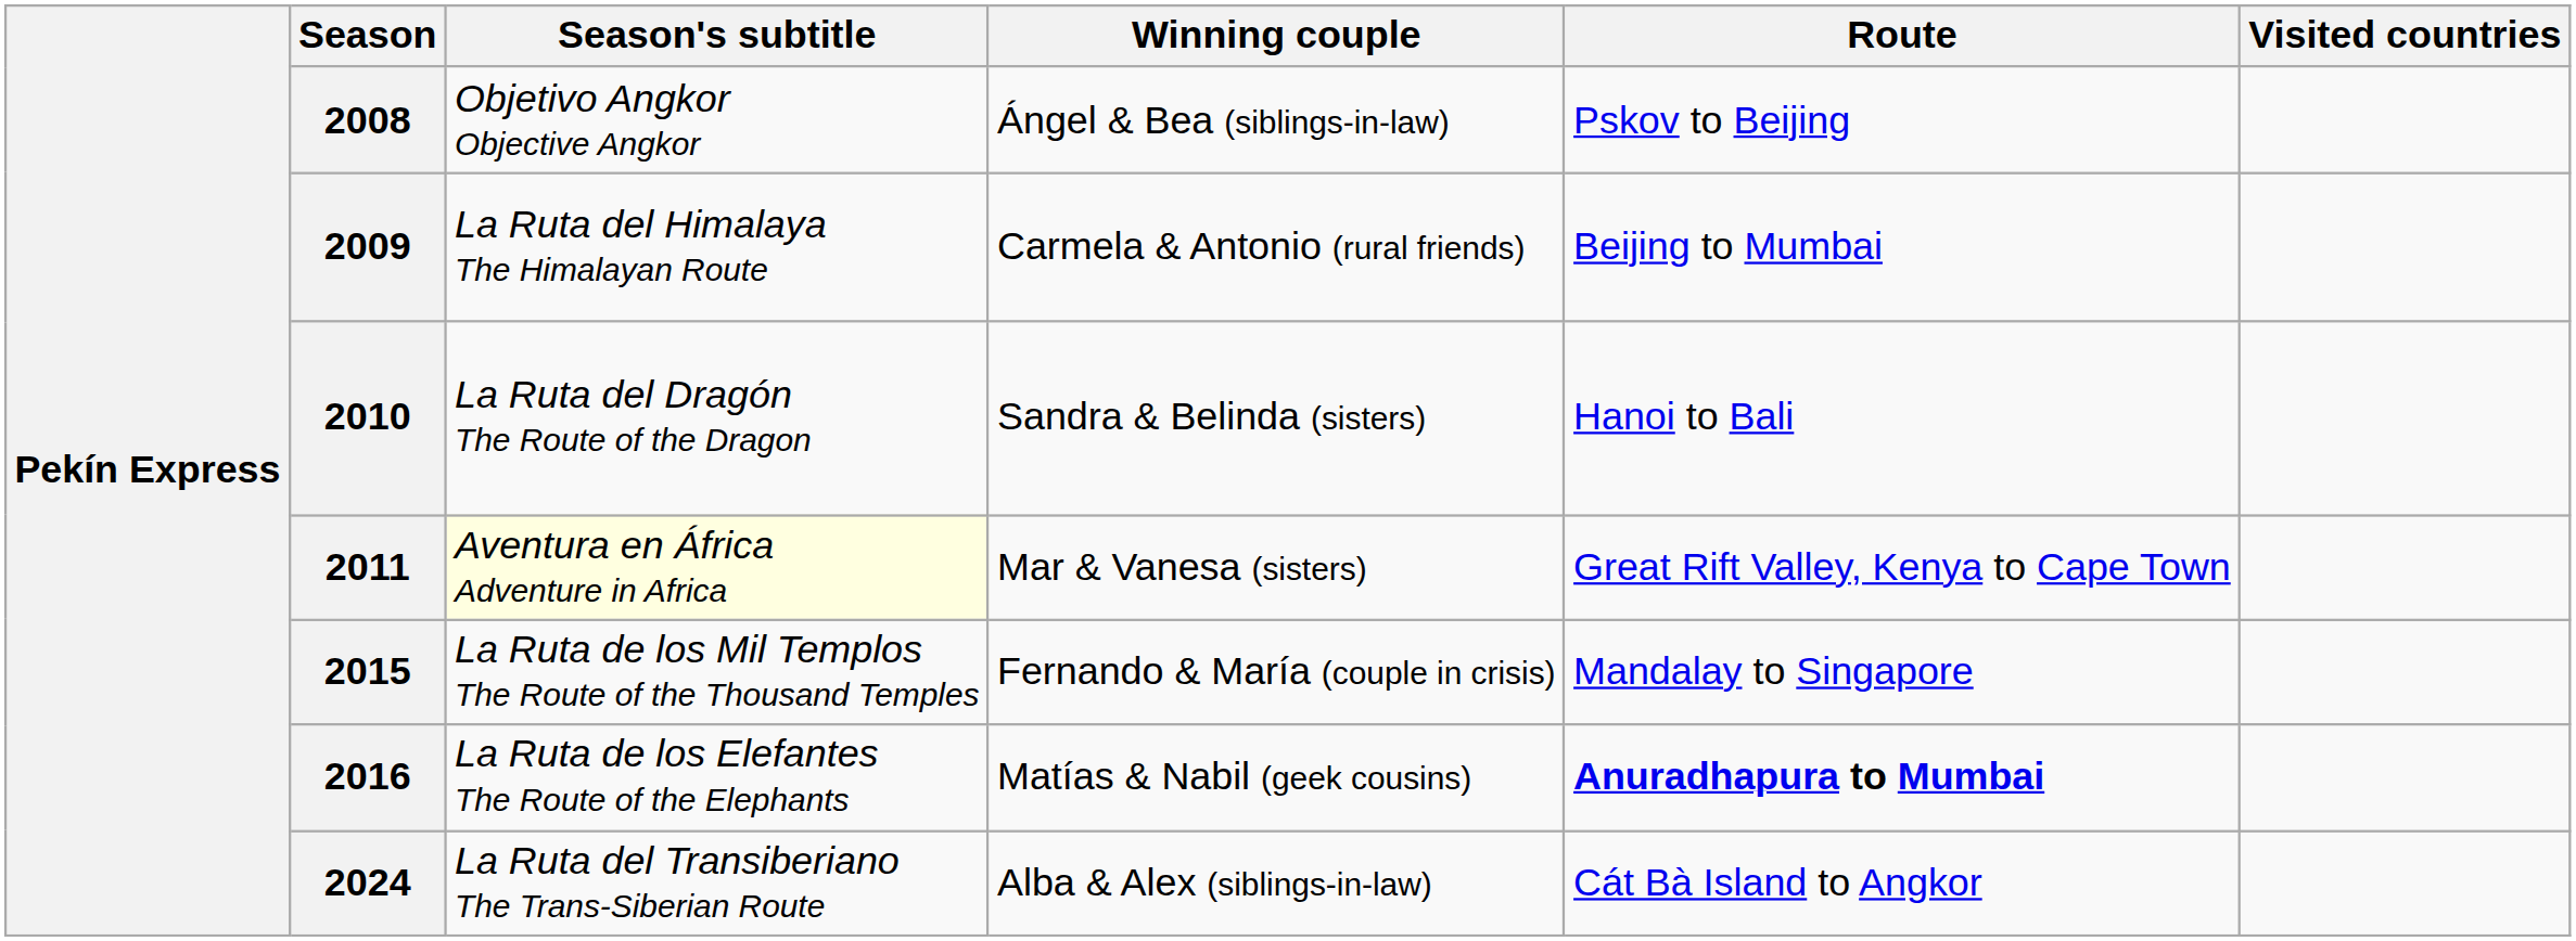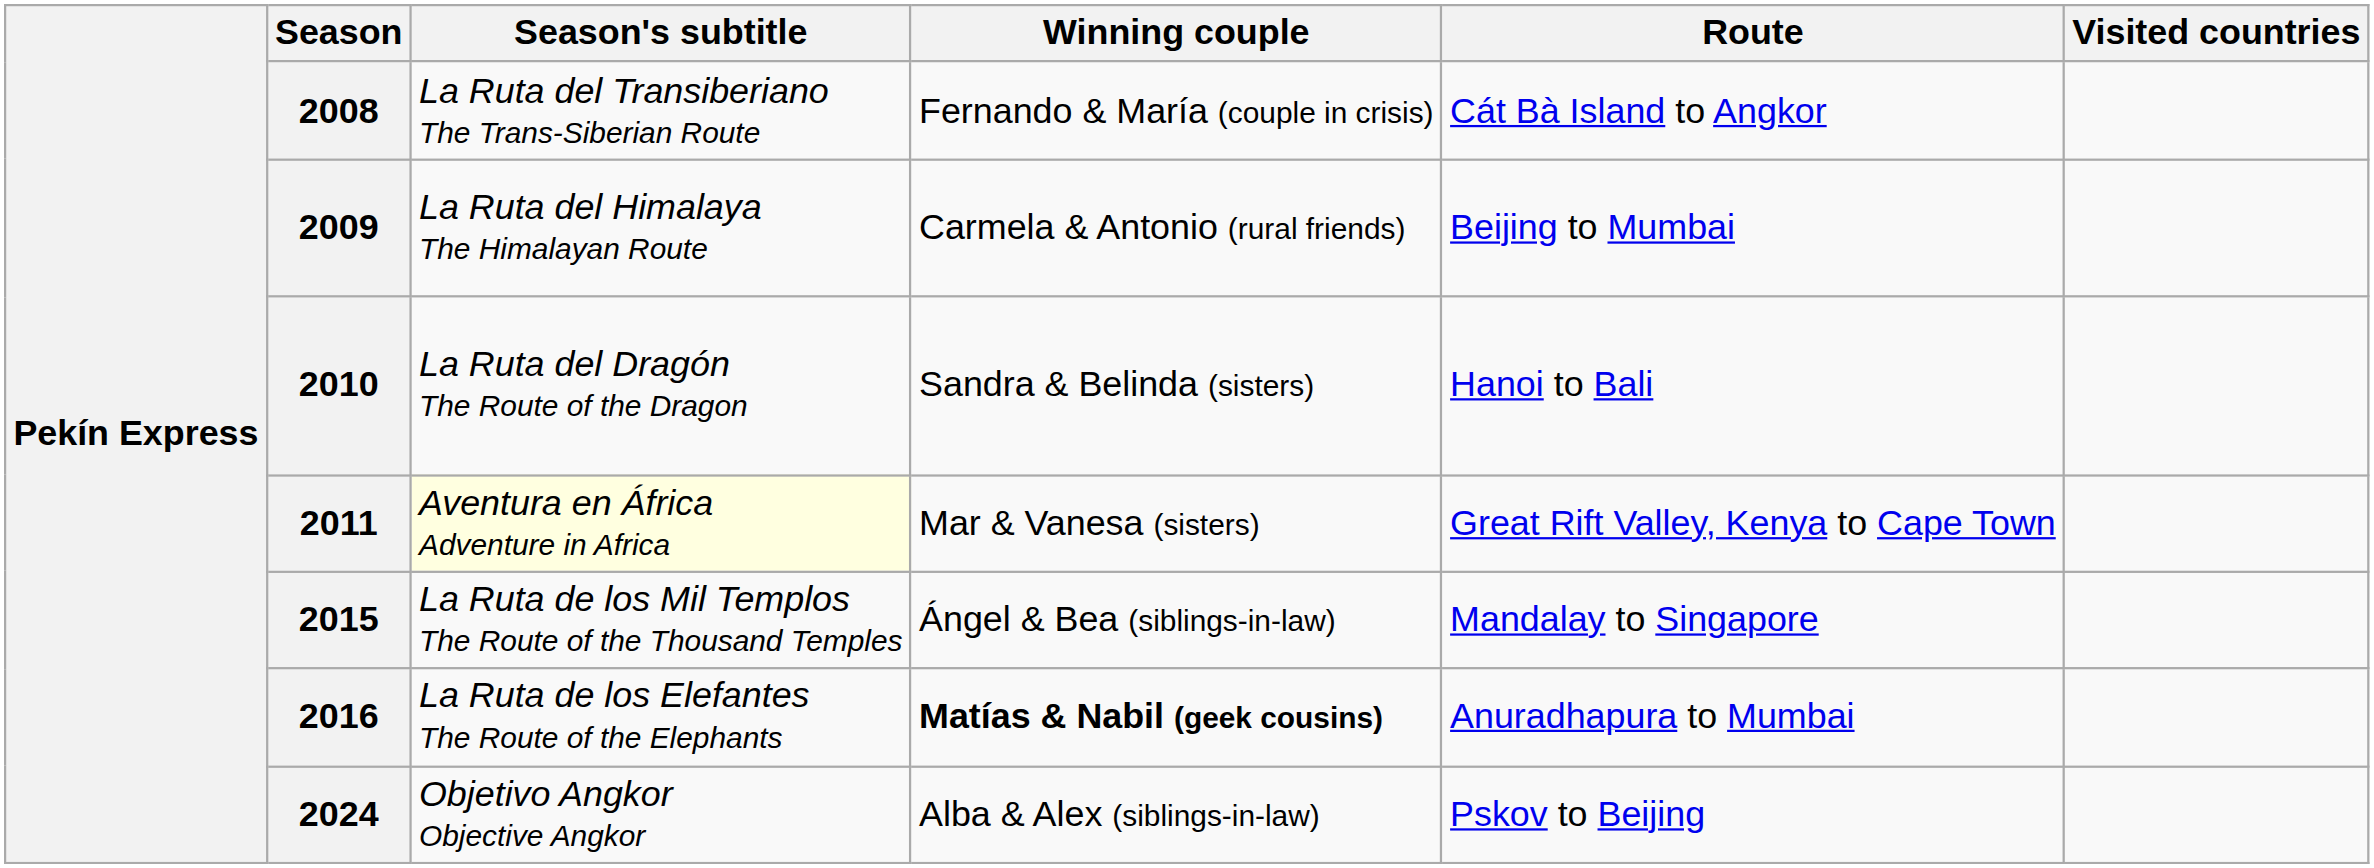 <table class="wikitable">
 <tr>
 <th rowspan="8">Pekín Express</th>
 <th>Season</th>
 <th>Season's subtitle</th>
 <th>Winning couple</th>
 <th>Route</th>
 <th>Visited countries</th>
 </tr>
 <tr>
 <th>2008</th>
-<td><em>Objetivo Angkor<br><small>Objective Angkor</small></em></td>
-<td>Ángel & Bea <small>(siblings-in-law)</small></td>
-<td><a href='#'>Pskov</a> to <a href='#'>Beijing</a></td>
+<td><em>La Ruta del Transiberiano<br><small>The Trans-Siberian Route</small></em></td>
+<td>Fernando & María <small>(couple in crisis)</small></td>
+<td><a href='#'>Cát Bà Island</a> to <a href='#'>Angkor</a></td>
 <td><br><br></td>
 </tr>
 <tr>
 <th>2009</th>
 <td><em>La Ruta del Himalaya<br><small>The Himalayan Route</small></em></td>
 <td>Carmela & Antonio <small>(rural friends)</small></td>
 <td><a href='#'>Beijing</a> to <a href='#'>Mumbai</a></td>
 <td><br><br><br></td>
 </tr>
 <tr>
 <th>2010</th>
 <td><em>La Ruta del Dragón<br><small>The Route of the Dragon</small></em></td>
 <td>Sandra & Belinda <small>(sisters)</small></td>
 <td><a href='#'>Hanoi</a> to <a href='#'>Bali</a></td>
 <td><br><br><br><br></td>
 </tr>
 <tr>
 <th>2011</th>
 <td style="background: lightyellow;"><em>Aventura en África<br><small>Adventure in Africa</small></em></td>
 <td>Mar & Vanesa <small>(sisters)</small></td>
 <td><a href='#'>Great Rift Valley, Kenya</a> to <a href='#'>Cape Town</a></td>
 <td><br><br></td>
 </tr>
 <tr>
 <th>2015</th>
 <td><em>La Ruta de los Mil Templos<br><small>The Route of the Thousand Temples</small></em></td>
-<td>Fernando & María <small>(couple in crisis)</small></td>
+<td>Ángel & Bea <small>(siblings-in-law)</small></td>
 <td><a href='#'>Mandalay</a> to <a href='#'>Singapore</a></td>
 <td><br><br></td>
 </tr>
 <tr>
 <th>2016</th>
 <td><em>La Ruta de los Elefantes<br><small>The Route of the Elephants</small></em></td>
-<td>Matías & Nabil <small>(geek cousins)</small></td>
-<td><strong><a href='#'>Anuradhapura</a> to <a href='#'>Mumbai</a></strong></td>
+<td><strong>Matías & Nabil <small>(geek cousins)</small></strong></td>
+<td><a href='#'>Anuradhapura</a> to <a href='#'>Mumbai</a></td>
 <td><br></td>
 </tr>
 <tr>
 <th>2024</th>
-<td><em>La Ruta del Transiberiano<br><small>The Trans-Siberian Route</small></em></td>
+<td><em>Objetivo Angkor<br><small>Objective Angkor</small></em></td>
 <td>Alba & Alex <small>(siblings-in-law)</small></td>
-<td><a href='#'>Cát Bà Island</a> to <a href='#'>Angkor</a></td>
+<td><a href='#'>Pskov</a> to <a href='#'>Beijing</a></td>
 <td><br><br></td>
 </tr>
 </table>
